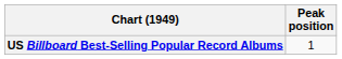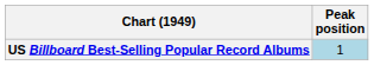 <table class="wikitable plainrowheaders" style="text-align:center">
 <tr>
 <th scope="col">Chart (1949)</th>
 <th scope="col">Peak<br>position</th>
 </tr>
 <tr>
 <th scope="row" align="left">US <a href='#'><em>Billboard</em> Best-Selling Popular Record Albums</a></th>
-<td>1</td>
+<td style="background: lightblue;">1</td>
 </tr>
 </table>
